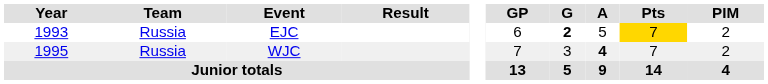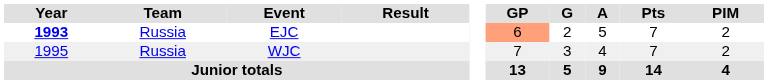 <table border="0" cellpadding="1" cellspacing="0" style="text-align:center; width:50em">
 <tr ALIGN="center" bgcolor="#e0e0e0">
 <th>Year</th>
 <th>Team</th>
 <th>Event</th>
 <th>Result</th>
 <th ALIGN="center" rowspan="99" bgcolor="#ffffff"> </th>
 <th>GP</th>
 <th>G</th>
 <th>A</th>
 <th>Pts</th>
 <th>PIM</th>
 </tr>
 <tr>
-<td><a href='#'>1993</a></td>
+<td><strong><a href='#'>1993</a></strong></td>
 <td><a href='#'>Russia</a></td>
 <td><a href='#'>EJC</a></td>
 <td></td>
-<td>6</td>
-<td><strong>2</strong></td>
+<td style="background: lightsalmon;">6</td>
+<td>2</td>
 <td>5</td>
-<td style="background: gold;">7</td>
+<td>7</td>
 <td>2</td>
 </tr>
 <tr bgcolor="#f0f0f0">
 <td><a href='#'>1995</a></td>
 <td><a href='#'>Russia</a></td>
 <td><a href='#'>WJC</a></td>
 <td></td>
 <td>7</td>
 <td>3</td>
-<td><strong>4</strong></td>
+<td>4</td>
 <td>7</td>
 <td>2</td>
 </tr>
 <tr bgcolor="#e0e0e0">
 <th colspan=4>Junior totals</th>
 <th>13</th>
 <th>5</th>
 <th>9</th>
 <th>14</th>
 <th>4</th>
 </tr>
 </table>
